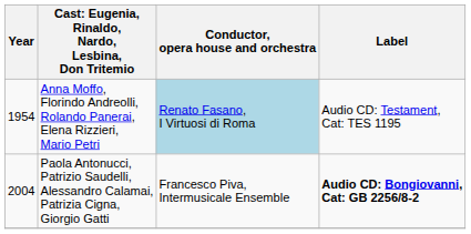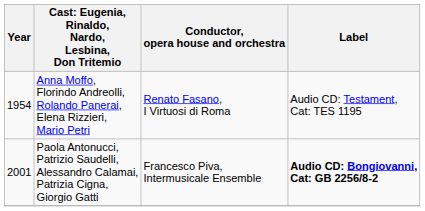 <table class="wikitable">
 <tr>
 <th>Year</th>
 <th>Cast: Eugenia,<br>Rinaldo,<br>Nardo,<br>Lesbina,<br>Don Tritemio</th>
 <th>Conductor,<br>opera house and orchestra</th>
 <th>Label</th>
 </tr>
 <tr>
 <td>1954</td>
 <td><a href='#'>Anna Moffo</a>,<br>Florindo Andreolli,<br><a href='#'>Rolando Panerai</a>,<br>Elena Rizzieri,<br><a href='#'>Mario Petri</a></td>
-<td style="background: lightblue;"><a href='#'>Renato Fasano</a>,<br>I Virtuosi di Roma</td>
+<td><a href='#'>Renato Fasano</a>,<br>I Virtuosi di Roma</td>
 <td>Audio CD: <a href='#'>Testament</a>,<br>Cat: TES 1195</td>
 </tr>
 <tr>
-<td>2004</td>
+<td>2001</td>
 <td>Paola Antonucci,<br>Patrizio Saudelli,<br>Alessandro Calamai,<br>Patrizia Cigna,<br>Giorgio Gatti</td>
 <td>Francesco Piva,<br>Intermusicale Ensemble</td>
 <td><strong>Audio CD: <a href='#'>Bongiovanni</a>,<br>Cat: GB 2256/8-2</strong></td>
 </tr>
 <tr>
 </tr>
 </table>
